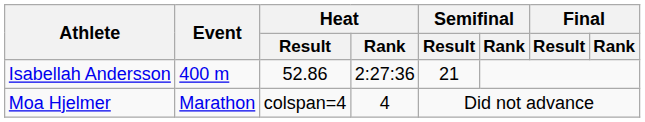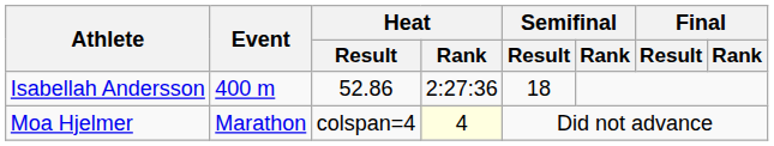 <table class="wikitable" style="font-size:90%">
 <tr>
 <th rowspan="2">Athlete</th>
 <th rowspan="2">Event</th>
 <th colspan="2">Heat</th>
 <th colspan="2">Semifinal</th>
 <th colspan="2">Final</th>
 </tr>
 <tr style="font-size:95%">
 <th>Result</th>
 <th>Rank</th>
 <th>Result</th>
 <th>Rank</th>
 <th>Result</th>
 <th>Rank</th>
 </tr>
 <tr align=center>
 <td align=left><a href='#'>Isabellah Andersson</a></td>
 <td align=left><a href='#'>400 m</a></td>
 <td>52.86</td>
 <td>2:27:36</td>
-<td>21</td>
+<td>18</td>
 </tr>
 <tr align=center>
 <td align=left><a href='#'>Moa Hjelmer</a></td>
 <td align=left><a href='#'>Marathon</a></td>
 <td>colspan=4 </td>
-<td>4</td>
+<td style="background: lightyellow;">4</td>
 <td colspan=4>Did not advance</td>
 </tr>
 </table>
